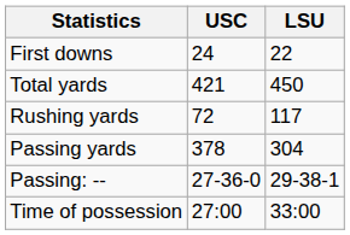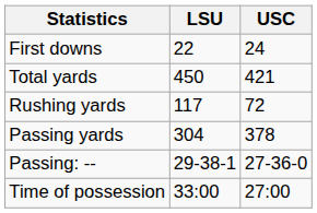 <table class="wikitable" style="float: left;">
 <tr>
 <th>Statistics</th>
+<th>LSU</th>
 <th>USC</th>
-<th>LSU</th>
 </tr>
 <tr>
 <td>First downs</td>
+<td>22</td>
 <td>24</td>
-<td>22</td>
 </tr>
 <tr>
 <td>Total yards</td>
+<td>450</td>
 <td>421</td>
-<td>450</td>
 </tr>
 <tr>
 <td>Rushing yards</td>
+<td>117</td>
 <td>72</td>
-<td>117</td>
 </tr>
 <tr>
 <td>Passing yards</td>
+<td>304</td>
 <td>378</td>
-<td>304</td>
 </tr>
 <tr>
 <td>Passing: --</td>
+<td>29-38-1</td>
 <td>27-36-0</td>
-<td>29-38-1</td>
 </tr>
 <tr>
 <td>Time of possession</td>
+<td>33:00</td>
 <td>27:00</td>
-<td>33:00</td>
 </tr>
 </table>
